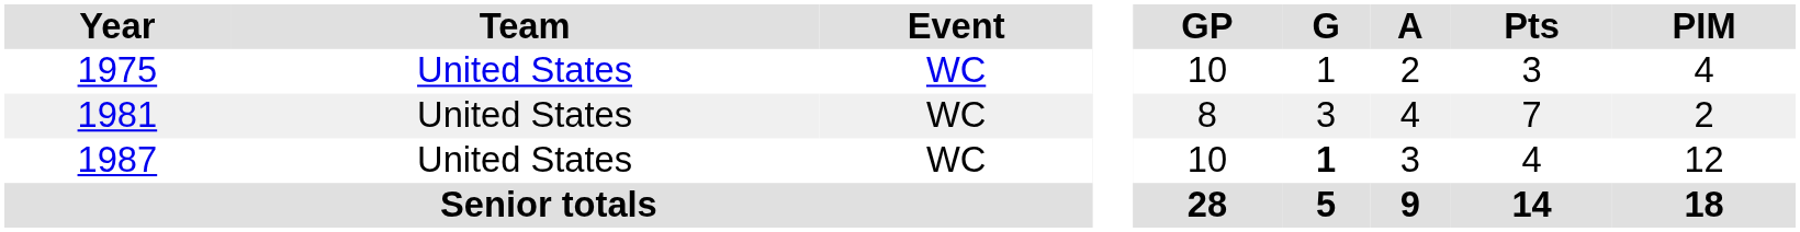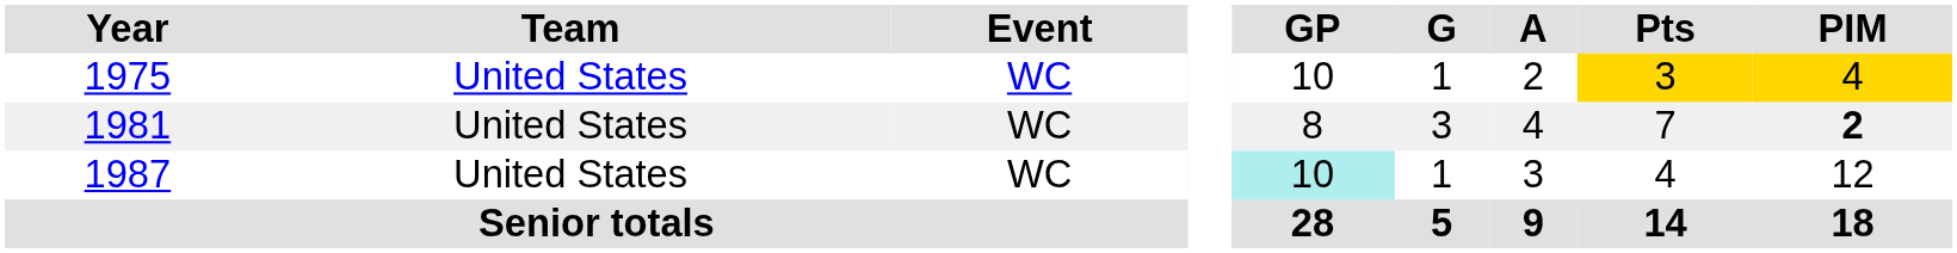 <table border="0" cellpadding="1" cellspacing="0" style="text-align:center; width:50em">
 <tr ALIGN="center" bgcolor="#e0e0e0">
 <th>Year</th>
 <th>Team</th>
 <th>Event</th>
 <th rowspan="99" bgcolor="#ffffff"> </th>
 <th>GP</th>
 <th>G</th>
 <th>A</th>
 <th>Pts</th>
 <th>PIM</th>
 </tr>
 <tr>
 <td><a href='#'>1975</a></td>
 <td><a href='#'>United States</a></td>
 <td><a href='#'>WC</a></td>
 <td>10</td>
 <td>1</td>
 <td>2</td>
-<td>3</td>
-<td>4</td>
+<td style="background: gold;">3</td>
+<td style="background: gold;">4</td>
 </tr>
 <tr bgcolor="#f0f0f0">
 <td><a href='#'>1981</a></td>
 <td>United States</td>
 <td>WC</td>
 <td>8</td>
 <td>3</td>
 <td>4</td>
 <td>7</td>
-<td>2</td>
+<td><strong>2</strong></td>
 </tr>
 <tr>
 <td><a href='#'>1987</a></td>
 <td>United States</td>
 <td>WC</td>
-<td>10</td>
-<td><strong>1</strong></td>
+<td style="background: paleturquoise;">10</td>
+<td>1</td>
 <td>3</td>
 <td>4</td>
 <td>12</td>
 </tr>
 <tr bgcolor="#e0e0e0">
 <th colspan=3>Senior totals</th>
 <th>28</th>
 <th>5</th>
 <th>9</th>
 <th>14</th>
 <th>18</th>
 </tr>
 </table>
